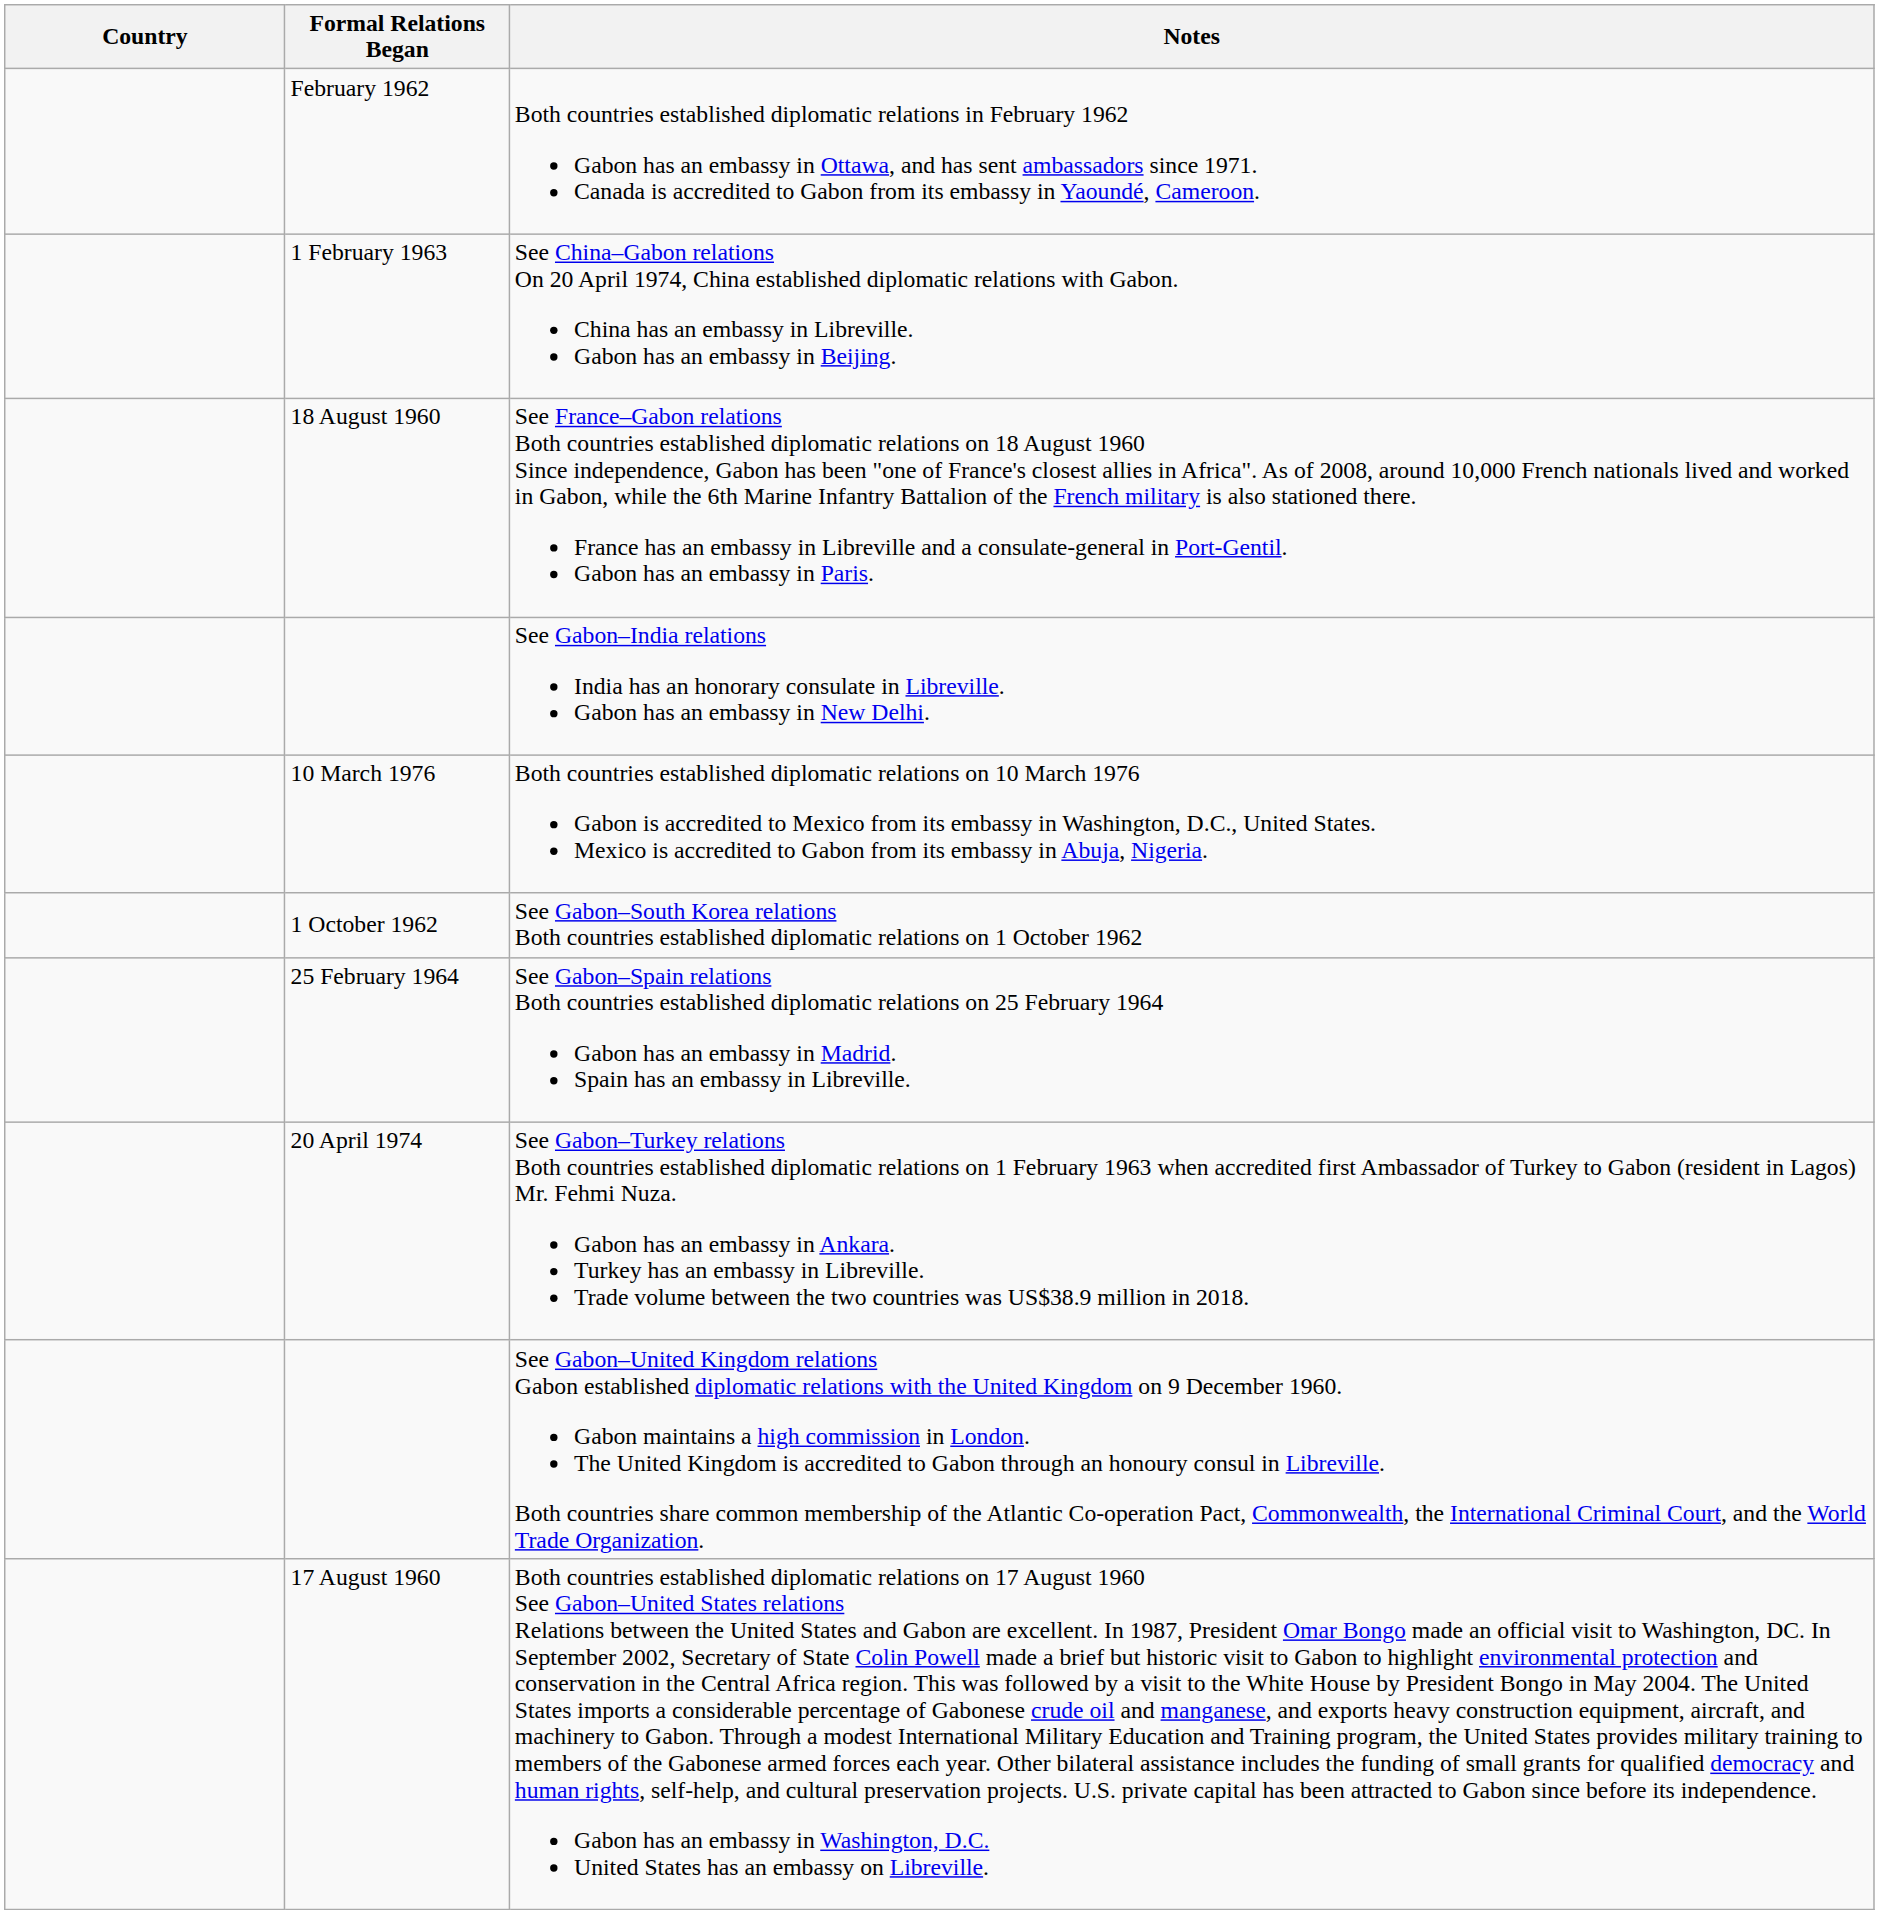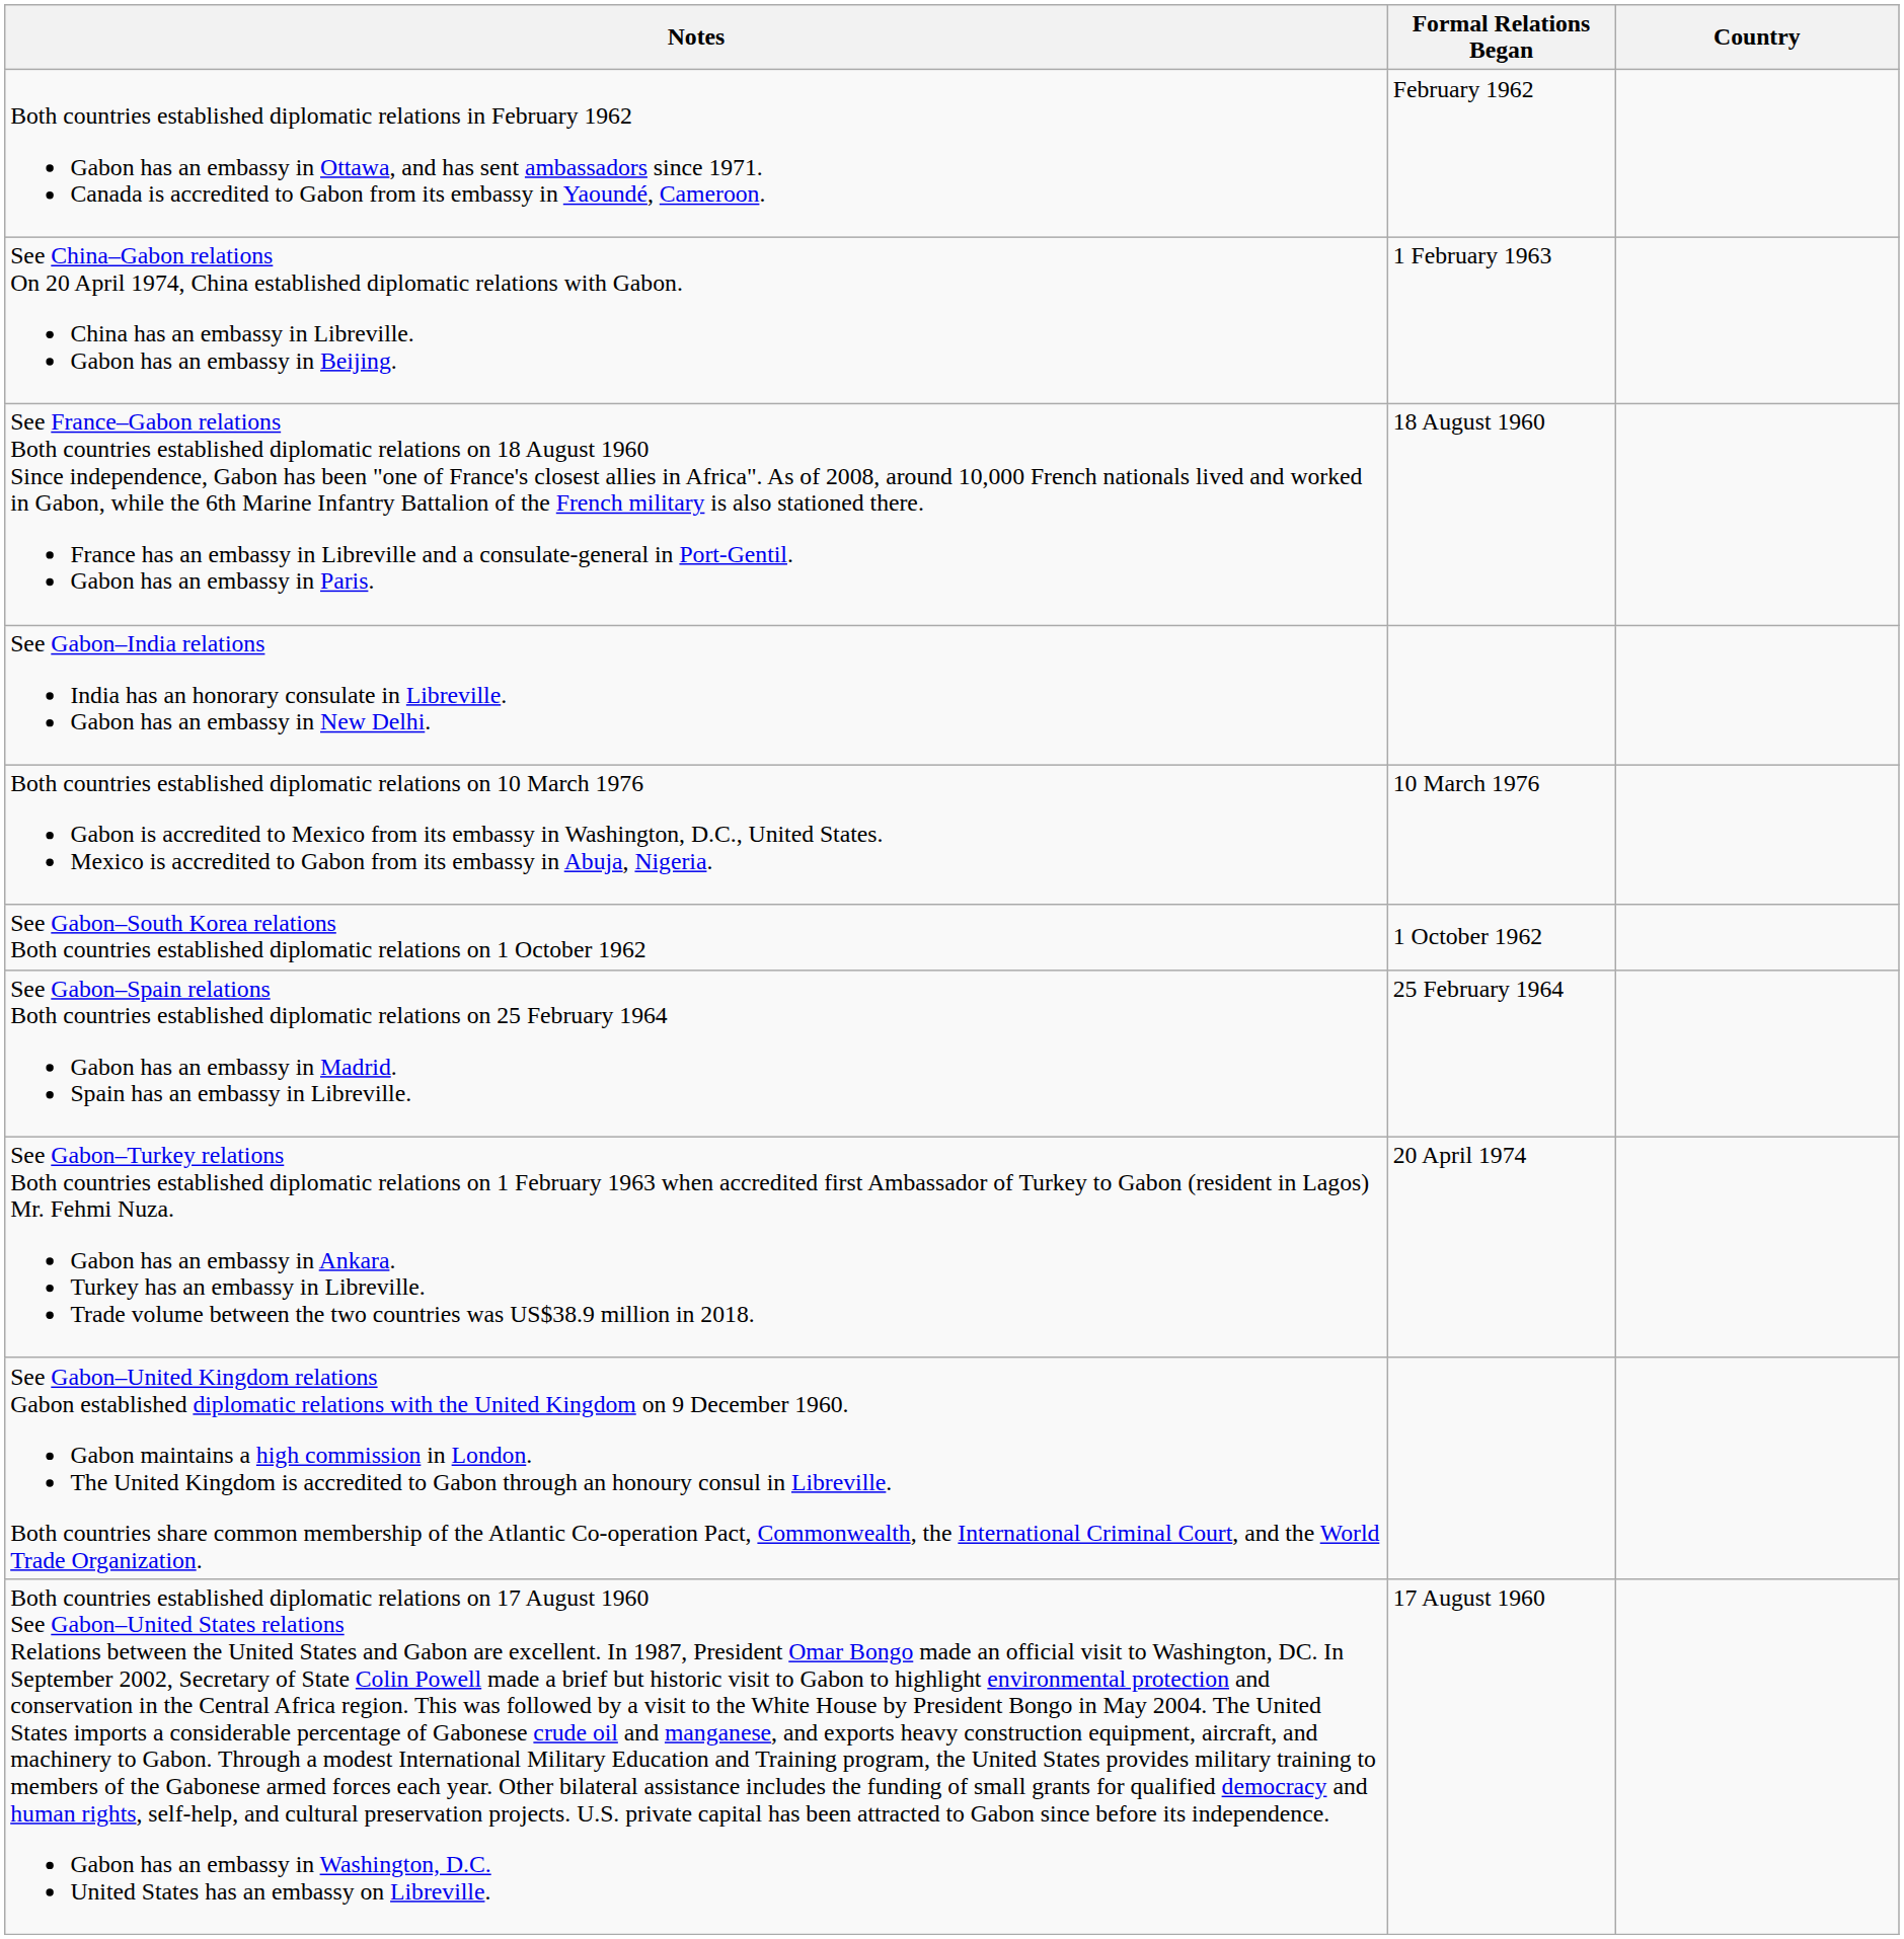 <table class="wikitable sortable" style="width:100%; margin:auto;">
 <tr>
+<th>Notes</th>
+<th style="width:12%;">Formal Relations Began</th>
 <th style="width:15%;">Country</th>
-<th style="width:12%;">Formal Relations Began</th>
-<th>Notes</th>
 </tr>
 <tr valign="top">
+<td><br>Both countries established diplomatic relations in February 1962<ul><li>Gabon has an embassy in <a href='#'>Ottawa</a>, and has sent <a href='#'>ambassadors</a> since 1971.</li><li>Canada is accredited to Gabon from its embassy in <a href='#'>Yaoundé</a>, <a href='#'>Cameroon</a>.</li></ul></td>
+<td>February 1962</td>
 <td></td>
-<td>February 1962</td>
-<td><br>Both countries established diplomatic relations in February 1962<ul><li>Gabon has an embassy in <a href='#'>Ottawa</a>, and has sent <a href='#'>ambassadors</a> since 1971.</li><li>Canada is accredited to Gabon from its embassy in <a href='#'>Yaoundé</a>, <a href='#'>Cameroon</a>.</li></ul></td>
 </tr>
 <tr valign="top">
+<td>See <a href='#'>China–Gabon relations</a><br>On 20 April 1974, China established diplomatic relations with Gabon.<ul><li>China has an embassy in Libreville.</li><li>Gabon has an embassy in <a href='#'>Beijing</a>.</li></ul></td>
+<td>1 February 1963</td>
 <td></td>
-<td>1 February 1963</td>
-<td>See <a href='#'>China–Gabon relations</a><br>On 20 April 1974, China established diplomatic relations with Gabon.<ul><li>China has an embassy in Libreville.</li><li>Gabon has an embassy in <a href='#'>Beijing</a>.</li></ul></td>
 </tr>
 <tr valign="top">
+<td>See <a href='#'>France–Gabon relations</a><br>Both countries established diplomatic relations on 18 August 1960<br>Since independence, Gabon has been "one of France's closest allies in Africa". As of 2008, around 10,000 French nationals lived and worked in Gabon, while the 6th Marine Infantry Battalion of the <a href='#'>French military</a> is also stationed there.<ul><li>France has an embassy in Libreville and a consulate-general in <a href='#'>Port-Gentil</a>.</li><li>Gabon has an embassy in <a href='#'>Paris</a>.</li></ul></td>
+<td>18 August 1960</td>
 <td></td>
-<td>18 August 1960</td>
-<td>See <a href='#'>France–Gabon relations</a><br>Both countries established diplomatic relations on 18 August 1960<br>Since independence, Gabon has been "one of France's closest allies in Africa". As of 2008, around 10,000 French nationals lived and worked in Gabon, while the 6th Marine Infantry Battalion of the <a href='#'>French military</a> is also stationed there.<ul><li>France has an embassy in Libreville and a consulate-general in <a href='#'>Port-Gentil</a>.</li><li>Gabon has an embassy in <a href='#'>Paris</a>.</li></ul></td>
 </tr>
 <tr valign="top">
+<td>See <a href='#'>Gabon–India relations</a><br><ul><li>India has an honorary consulate in <a href='#'>Libreville</a>.</li><li>Gabon has an embassy in <a href='#'>New Delhi</a>.</li></ul></td>
 <td></td>
 <td></td>
-<td>See <a href='#'>Gabon–India relations</a><br><ul><li>India has an honorary consulate in <a href='#'>Libreville</a>.</li><li>Gabon has an embassy in <a href='#'>New Delhi</a>.</li></ul></td>
 </tr>
 <tr valign="top">
+<td>Both countries established diplomatic relations on 10 March 1976<br><ul><li>Gabon is accredited to Mexico from its embassy in Washington, D.C., United States.</li><li>Mexico is accredited to Gabon from its embassy in <a href='#'>Abuja</a>, <a href='#'>Nigeria</a>.</li></ul></td>
+<td>10 March 1976</td>
 <td></td>
-<td>10 March 1976</td>
-<td>Both countries established diplomatic relations on 10 March 1976<br><ul><li>Gabon is accredited to Mexico from its embassy in Washington, D.C., United States.</li><li>Mexico is accredited to Gabon from its embassy in <a href='#'>Abuja</a>, <a href='#'>Nigeria</a>.</li></ul></td>
 </tr>
 <tr>
+<td>See <a href='#'>Gabon–South Korea relations</a><br>Both countries established diplomatic relations on 1 October 1962</td>
+<td>1 October 1962</td>
 <td></td>
-<td>1 October 1962</td>
-<td>See <a href='#'>Gabon–South Korea relations</a><br>Both countries established diplomatic relations on 1 October 1962</td>
 </tr>
 <tr valign="top">
+<td>See <a href='#'>Gabon–Spain relations</a><br>Both countries established diplomatic relations on 25 February 1964<ul><li>Gabon has an embassy in <a href='#'>Madrid</a>.</li><li>Spain has an embassy in Libreville.</li></ul></td>
+<td>25 February 1964</td>
 <td></td>
-<td>25 February 1964</td>
-<td>See <a href='#'>Gabon–Spain relations</a><br>Both countries established diplomatic relations on 25 February 1964<ul><li>Gabon has an embassy in <a href='#'>Madrid</a>.</li><li>Spain has an embassy in Libreville.</li></ul></td>
 </tr>
 <tr valign="top">
+<td>See <a href='#'>Gabon–Turkey relations</a><br>Both countries established diplomatic relations on 1 February 1963 when accredited first Ambassador of Turkey to Gabon (resident in Lagos) Mr. Fehmi Nuza.<ul><li>Gabon has an embassy in <a href='#'>Ankara</a>.</li><li>Turkey has an embassy in Libreville.</li><li>Trade volume between the two countries was US$38.9 million in 2018.</li></ul></td>
+<td>20 April 1974</td>
 <td></td>
-<td>20 April 1974</td>
-<td>See <a href='#'>Gabon–Turkey relations</a><br>Both countries established diplomatic relations on 1 February 1963 when accredited first Ambassador of Turkey to Gabon (resident in Lagos) Mr. Fehmi Nuza.<ul><li>Gabon has an embassy in <a href='#'>Ankara</a>.</li><li>Turkey has an embassy in Libreville.</li><li>Trade volume between the two countries was US$38.9 million in 2018.</li></ul></td>
 </tr>
 <tr valign="top">
+<td>See <a href='#'>Gabon–United Kingdom relations</a><br>Gabon established <a href='#'>diplomatic relations with the United Kingdom</a> on 9 December 1960.<ul><li>Gabon maintains a <a href='#'>high commission</a> in <a href='#'>London</a>.</li><li>The United Kingdom is accredited to Gabon through an honoury consul in <a href='#'>Libreville</a>.</li></ul>Both countries share common membership of the Atlantic Co-operation Pact, <a href='#'>Commonwealth</a>, the <a href='#'>International Criminal Court</a>, and the <a href='#'>World Trade Organization</a>.</td>
 <td></td>
 <td></td>
-<td>See <a href='#'>Gabon–United Kingdom relations</a><br>Gabon established <a href='#'>diplomatic relations with the United Kingdom</a> on 9 December 1960.<ul><li>Gabon maintains a <a href='#'>high commission</a> in <a href='#'>London</a>.</li><li>The United Kingdom is accredited to Gabon through an honoury consul in <a href='#'>Libreville</a>.</li></ul>Both countries share common membership of the Atlantic Co-operation Pact, <a href='#'>Commonwealth</a>, the <a href='#'>International Criminal Court</a>, and the <a href='#'>World Trade Organization</a>.</td>
 </tr>
 <tr valign="top">
+<td>Both countries established diplomatic relations on 17 August 1960<br>See <a href='#'>Gabon–United States relations</a> <br>Relations between the United States and Gabon are excellent. In 1987, President <a href='#'>Omar Bongo</a> made an official visit to Washington, DC. In September 2002, Secretary of State <a href='#'>Colin Powell</a> made a brief but historic visit to Gabon to highlight <a href='#'>environmental protection</a> and conservation in the Central Africa region. This was followed by a visit to the White House by President Bongo in May 2004. The United States imports a considerable percentage of Gabonese <a href='#'>crude oil</a> and <a href='#'>manganese</a>, and exports heavy construction equipment, aircraft, and machinery to Gabon. Through a modest International Military Education and Training program, the United States provides military training to members of the Gabonese armed forces each year. Other bilateral assistance includes the funding of small grants for qualified <a href='#'>democracy</a> and <a href='#'>human rights</a>, self-help, and cultural preservation projects. U.S. private capital has been attracted to Gabon since before its independence.<ul><li>Gabon has an embassy in <a href='#'>Washington, D.C.</a></li><li>United States has an embassy on <a href='#'>Libreville</a>.</li></ul></td>
+<td>17 August 1960</td>
 <td></td>
-<td>17 August 1960</td>
-<td>Both countries established diplomatic relations on 17 August 1960<br>See <a href='#'>Gabon–United States relations</a> <br>Relations between the United States and Gabon are excellent. In 1987, President <a href='#'>Omar Bongo</a> made an official visit to Washington, DC. In September 2002, Secretary of State <a href='#'>Colin Powell</a> made a brief but historic visit to Gabon to highlight <a href='#'>environmental protection</a> and conservation in the Central Africa region. This was followed by a visit to the White House by President Bongo in May 2004. The United States imports a considerable percentage of Gabonese <a href='#'>crude oil</a> and <a href='#'>manganese</a>, and exports heavy construction equipment, aircraft, and machinery to Gabon. Through a modest International Military Education and Training program, the United States provides military training to members of the Gabonese armed forces each year. Other bilateral assistance includes the funding of small grants for qualified <a href='#'>democracy</a> and <a href='#'>human rights</a>, self-help, and cultural preservation projects. U.S. private capital has been attracted to Gabon since before its independence.<ul><li>Gabon has an embassy in <a href='#'>Washington, D.C.</a></li><li>United States has an embassy on <a href='#'>Libreville</a>.</li></ul></td>
 </tr>
 </table>
